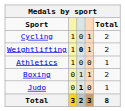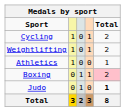 <table class="wikitable" style="font-size:85%; float:right">
 <tr bgcolor=#efefef>
 <th colspan=7>Medals by sport</th>
 </tr>
 <tr align=center>
 <td><strong>Sport</strong></td>
 <td bgcolor=#f7f6a8></td>
 <td bgcolor=#dce5e5></td>
 <td bgcolor=#ffdab9></td>
 <td><strong>Total</strong></td>
 </tr>
 <tr align=center>
 <td><a href='#'>Cycling</a></td>
 <td bgcolor=#f7f6a8>1</td>
 <td bgcolor=#dce5e5>0</td>
 <td bgcolor=#ffdab9>1</td>
 <td>2</td>
 </tr>
 <tr align=center>
 <td><a href='#'>Weightlifting</a></td>
 <td bgcolor=#f7f6a8>1</td>
-<td bgcolor=#dce5e5><strong>0</strong></td>
+<td bgcolor=#dce5e5>0</td>
 <td bgcolor=#ffdab9>1</td>
 <td>2</td>
 </tr>
 <tr align=center>
 <td><a href='#'>Athletics</a></td>
 <td bgcolor=#f7f6a8>1</td>
 <td bgcolor=#dce5e5>0</td>
 <td bgcolor=#ffdab9>0</td>
 <td>1</td>
 </tr>
 <tr align=center>
 <td><a href='#'>Boxing</a></td>
 <td bgcolor=#f7f6a8>0</td>
 <td bgcolor=#dce5e5>1</td>
 <td bgcolor=#ffdab9>1</td>
-<td>2</td>
+<td style="background: pink;">2</td>
 </tr>
 <tr align=center>
 <td><a href='#'>Judo</a></td>
 <td bgcolor=#f7f6a8>0</td>
-<td bgcolor=#dce5e5><strong>1</strong></td>
+<td bgcolor=#dce5e5>1</td>
 <td bgcolor=#ffdab9>0</td>
-<td>1</td>
+<td><strong>1</strong></td>
 </tr>
 <tr align=center>
 <th>Total</th>
 <th style="background:gold">3</th>
 <th style="background:silver">2</th>
 <th style="background:#c96">3</th>
 <th>8</th>
 </tr>
 </table>
